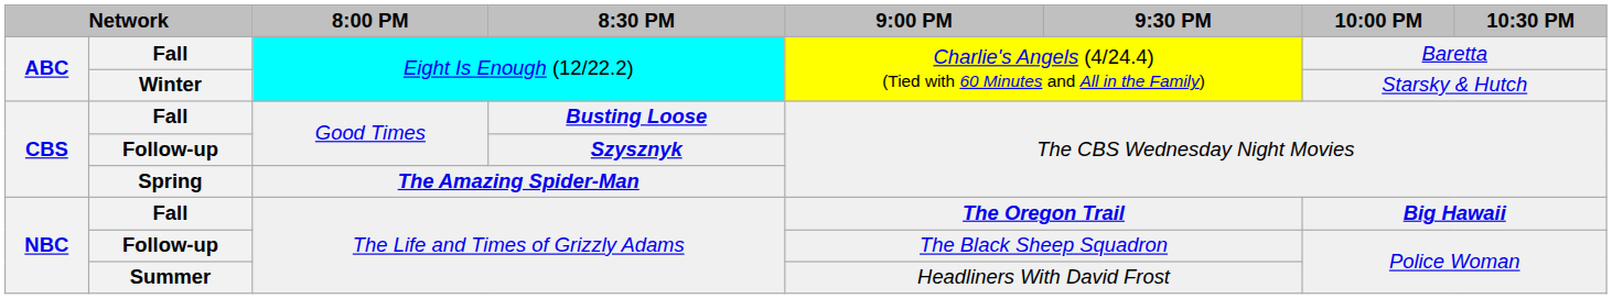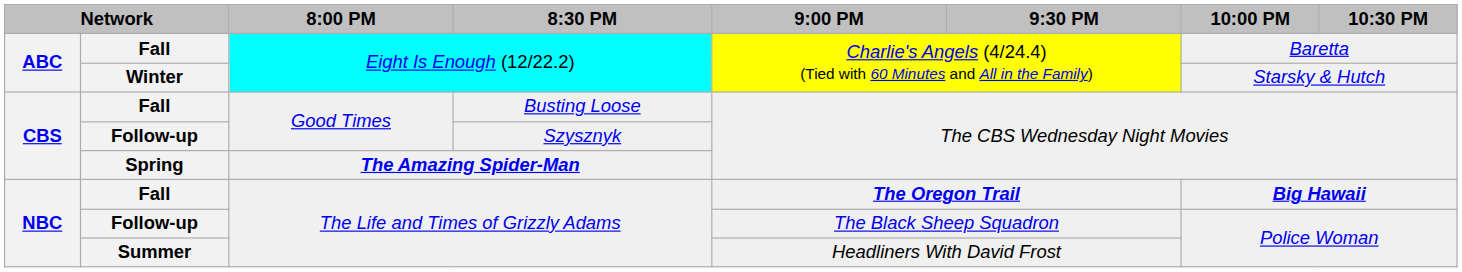 <table class="wikitable plainrowheaders" style="width:100%; margin:auto; text-align:center;">
 <tr>
 <th colspan="2" style="background-color:#C0C0C0;text-align:center">Network</th>
 <th style="background-color:#C0C0C0;text-align:center">8:00 PM</th>
 <th style="background-color:#C0C0C0;text-align:center">8:30 PM</th>
 <th style="background-color:#C0C0C0;text-align:center">9:00 PM</th>
 <th style="background-color:#C0C0C0;text-align:center">9:30 PM</th>
 <th style="background-color:#C0C0C0;text-align:center">10:00 PM</th>
 <th style="background-color:#C0C0C0;text-align:center">10:30 PM</th>
 </tr>
 <tr>
 <th rowspan="2" bgcolor="#C0C0C0"><a href='#'>ABC</a></th>
 <th>Fall</th>
 <td colspan="2" rowspan="2" bgcolor="#00FFFF"><em><a href='#'>Eight Is Enough</a></em> (12/22.2)</td>
 <td colspan="2" rowspan="2" bgcolor="#FFFF00"><em><a href='#'>Charlie's Angels</a></em> (4/24.4)<br><small>(Tied with <em><a href='#'>60 Minutes</a></em> and <em><a href='#'>All in the Family</a></em>)</small></td>
 <td bgcolor="#F0F0F0" colspan="2"><em><a href='#'>Baretta</a></em></td>
 </tr>
 <tr>
 <th>Winter</th>
 <td colspan="2" bgcolor="#F0F0F0"><em><a href='#'>Starsky & Hutch</a></em></td>
 </tr>
 <tr>
 <th rowspan="3" bgcolor="#C0C0C0"><a href='#'>CBS</a></th>
 <th>Fall</th>
 <td bgcolor="#F0F0F0" rowspan="2"><em><a href='#'>Good Times</a></em></td>
-<td bgcolor="#F0F0F0"><strong><em><a href='#'>Busting Loose</a></em></strong></td>
+<td bgcolor="#F0F0F0"><em><a href='#'>Busting Loose</a></em></td>
 <td colspan="4" rowspan="3" bgcolor="#F0F0F0"><em>The CBS Wednesday Night Movies</em></td>
 </tr>
 <tr>
 <th>Follow-up</th>
-<td bgcolor="#F0F0F0"><strong><em><a href='#'>Szysznyk</a></em></strong></td>
+<td bgcolor="#F0F0F0"><em><a href='#'>Szysznyk</a></em></td>
 </tr>
 <tr>
 <th>Spring</th>
 <td colspan="2" bgcolor="#F0F0F0"><strong><em><a href='#'>The Amazing Spider-Man</a></em></strong></td>
 </tr>
 <tr>
 <th bgcolor="#C0C0C0" rowspan="3"><a href='#'>NBC</a></th>
 <th>Fall</th>
 <td bgcolor="#F0F0F0" colspan="2" rowspan="3"><em><a href='#'>The Life and Times of Grizzly Adams</a></em></td>
 <td bgcolor="#F0F0F0" colspan="2"><strong><em><a href='#'>The Oregon Trail</a></em></strong></td>
 <td bgcolor="#F0F0F0" colspan="2"><strong><em><a href='#'>Big Hawaii</a></em></strong></td>
 </tr>
 <tr>
 <th>Follow-up</th>
 <td bgcolor="#F0F0F0" colspan="2"><em><a href='#'>The Black Sheep Squadron</a></em></td>
 <td bgcolor="#F0F0F0" colspan="2" rowspan="2"><em><a href='#'>Police Woman</a></em></td>
 </tr>
 <tr>
 <th>Summer</th>
 <td bgcolor="#F0F0F0" colspan="2"><em>Headliners With David Frost</em></td>
 </tr>
 </table>
